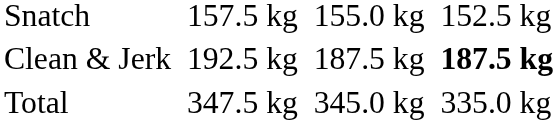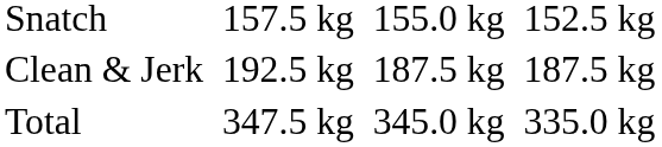 <table>
 <tr>
 <td>Snatch</td>
 <td></td>
 <td>157.5 kg</td>
 <td></td>
 <td>155.0 kg</td>
 <td></td>
 <td>152.5 kg</td>
 </tr>
 <tr>
 <td>Clean & Jerk</td>
 <td></td>
 <td>192.5 kg</td>
 <td></td>
 <td>187.5 kg</td>
 <td></td>
-<td><strong>187.5 kg</strong></td>
+<td>187.5 kg</td>
 </tr>
 <tr>
 <td>Total</td>
 <td></td>
 <td>347.5 kg</td>
 <td></td>
 <td>345.0 kg</td>
 <td></td>
 <td>335.0 kg</td>
 </tr>
 </table>
